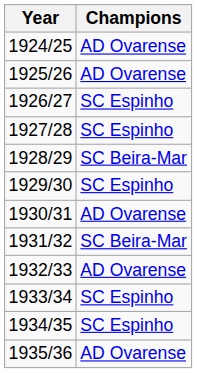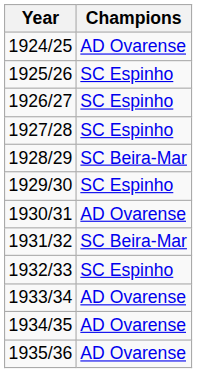 <table class="wikitable" style="text-align:left">
 <tr>
 <th style= style="width:100px;">Year</th>
 <th style= style="width:400px;">Champions</th>
 </tr>
 <tr>
 <td>1924/25</td>
 <td><a href='#'>AD Ovarense</a></td>
 </tr>
 <tr>
 <td>1925/26</td>
-<td><a href='#'>AD Ovarense</a></td>
+<td><a href='#'>SC Espinho</a></td>
 </tr>
 <tr>
 <td>1926/27</td>
 <td><a href='#'>SC Espinho</a></td>
 </tr>
 <tr>
 <td>1927/28</td>
 <td><a href='#'>SC Espinho</a></td>
 </tr>
 <tr>
 <td>1928/29</td>
 <td><a href='#'>SC Beira-Mar</a></td>
 </tr>
 <tr>
 <td>1929/30</td>
 <td><a href='#'>SC Espinho</a></td>
 </tr>
 <tr>
 <td>1930/31</td>
 <td><a href='#'>AD Ovarense</a></td>
 </tr>
 <tr>
 <td>1931/32</td>
 <td><a href='#'>SC Beira-Mar</a></td>
 </tr>
 <tr>
 <td>1932/33</td>
+<td><a href='#'>SC Espinho</a></td>
+</tr>
+<tr>
+<td>1933/34</td>
 <td><a href='#'>AD Ovarense</a></td>
 </tr>
 <tr>
-<td>1933/34</td>
-<td><a href='#'>SC Espinho</a></td>
-</tr>
-<tr>
 <td>1934/35</td>
-<td><a href='#'>SC Espinho</a></td>
+<td><a href='#'>AD Ovarense</a></td>
 </tr>
 <tr>
 <td>1935/36</td>
 <td><a href='#'>AD Ovarense</a></td>
 </tr>
 </table>
